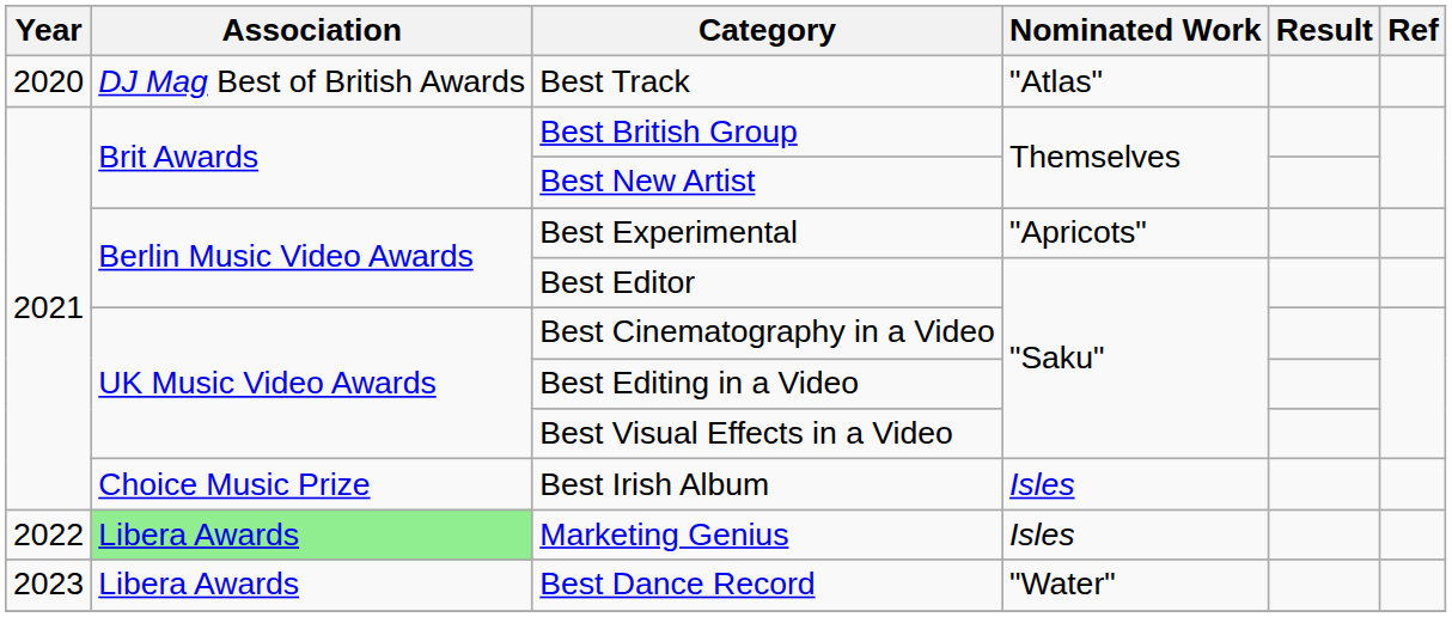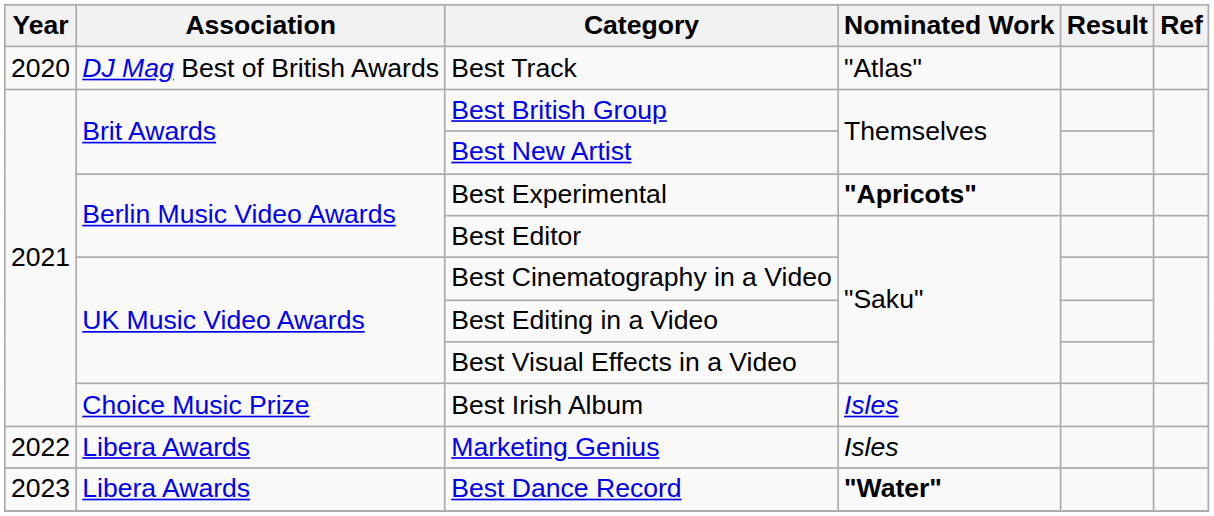 <table class="wikitable">
 <tr>
 <th>Year</th>
 <th>Association</th>
 <th>Category</th>
 <th>Nominated Work</th>
 <th>Result</th>
 <th>Ref</th>
 </tr>
 <tr>
 <td>2020</td>
 <td><em><a href='#'>DJ Mag</a></em> Best of British Awards</td>
 <td>Best Track</td>
 <td>"Atlas"</td>
 <td></td>
 <td></td>
 </tr>
 <tr>
 <td rowspan="8">2021</td>
 <td rowspan="2"><a href='#'>Brit Awards</a></td>
 <td><a href='#'>Best British Group</a></td>
 <td rowspan="2">Themselves</td>
 <td></td>
 <td rowspan="2"></td>
 </tr>
 <tr>
 <td><a href='#'>Best New Artist</a></td>
 <td></td>
 </tr>
 <tr>
 <td rowspan="2"><a href='#'>Berlin Music Video Awards</a></td>
 <td>Best Experimental</td>
-<td>"Apricots"</td>
+<td><strong>"Apricots"</strong></td>
 <td></td>
 <td></td>
 </tr>
 <tr>
 <td>Best Editor</td>
 <td rowspan="4">"Saku" </td>
 <td></td>
 <td></td>
 </tr>
 <tr>
 <td rowspan="3"><a href='#'>UK Music Video Awards</a></td>
 <td>Best Cinematography in a Video</td>
 <td></td>
 <td rowspan="3"></td>
 </tr>
 <tr>
 <td>Best Editing in a Video</td>
 <td></td>
 </tr>
 <tr>
 <td>Best Visual Effects in a Video</td>
 <td></td>
 </tr>
 <tr>
 <td rowspan="1"><a href='#'>Choice Music Prize</a></td>
 <td>Best Irish Album</td>
 <td rowspan="1"><em><a href='#'>Isles</a></em></td>
 <td></td>
 <td rowspan="1"></td>
 </tr>
 <tr>
 <td>2022</td>
-<td style="background: lightgreen;"><a href='#'>Libera Awards</a></td>
+<td><a href='#'>Libera Awards</a></td>
 <td><a href='#'>Marketing Genius</a></td>
 <td><em>Isles</em></td>
 <td></td>
 <td></td>
 </tr>
 <tr>
 <td>2023</td>
 <td><a href='#'>Libera Awards</a></td>
 <td><a href='#'>Best Dance Record</a></td>
-<td>"Water"</td>
+<td><strong>"Water"</strong></td>
 <td></td>
 <td></td>
 </tr>
 <tr>
 </tr>
 </table>
